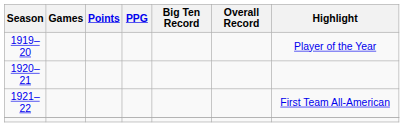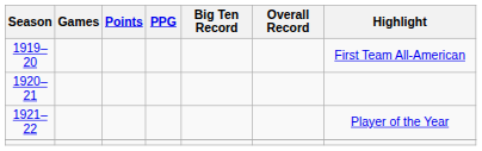 <table class="wikitable sortable" style="text-align:center">
 <tr>
 <th width=40px>Season</th>
 <th width=40px>Games</th>
 <th width=40px><a href='#'>Points</a></th>
 <th width=40px><a href='#'>PPG</a></th>
 <th width=100px>Big Ten <br>Record</th>
 <th width=100px>Overall <br>Record</th>
 <th width=250px>Highlight</th>
 </tr>
 <tr>
 <td><a href='#'>1919–20</a></td>
 <td></td>
 <td></td>
 <td></td>
 <td></td>
 <td></td>
-<td><a href='#'>Player of the Year</a></td>
+<td><a href='#'>First Team All-American</a></td>
 </tr>
 <tr>
 <td><a href='#'>1920–21</a></td>
 <td></td>
 <td></td>
 <td></td>
 <td></td>
 <td></td>
 <td></td>
 </tr>
 <tr>
 <td><a href='#'>1921–22</a></td>
 <td></td>
 <td></td>
 <td></td>
 <td></td>
 <td></td>
-<td><a href='#'>First Team All-American</a></td>
+<td><a href='#'>Player of the Year</a></td>
 </tr>
 <tr>
 </tr>
 <tr class="sortbottom">
 <td></td>
 <td></td>
 <td></td>
 <td></td>
 <td></td>
 <td></td>
 <td></td>
 </tr>
 </table>
